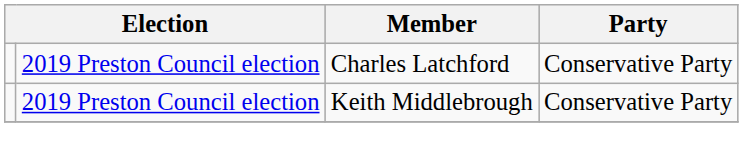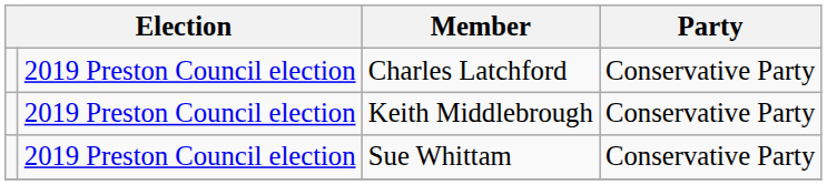 <table class="wikitable">
 <tr>
 <th colspan="2">Election</th>
 <th>Member</th>
 <th>Party</th>
 </tr>
 <tr>
 <td style="background-color: "></td>
 <td><a href='#'>2019 Preston Council election</a></td>
 <td>Charles Latchford</td>
 <td>Conservative Party</td>
 </tr>
 <tr>
 <td style="background-color: "></td>
 <td><a href='#'>2019 Preston Council election</a></td>
 <td>Keith Middlebrough</td>
 <td>Conservative Party</td>
 </tr>
 <tr>
+<td style="background-color: "></td>
+<td><a href='#'>2019 Preston Council election</a></td>
+<td>Sue Whittam</td>
+<td>Conservative Party</td>
+</tr>
+<tr>
 </tr>
 </table>
